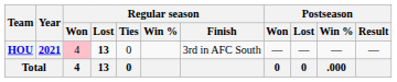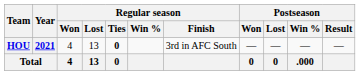 <table class="wikitable" style="font-size: 95%; text-align:center;">
 <tr>
 <th rowspan="2">Team</th>
 <th rowspan="2">Year</th>
 <th colspan="5">Regular season</th>
 <th colspan="4">Postseason</th>
 </tr>
 <tr>
 <th>Won</th>
 <th>Lost</th>
 <th>Ties</th>
 <th>Win %</th>
 <th>Finish</th>
 <th>Won</th>
 <th>Lost</th>
 <th>Win %</th>
 <th>Result</th>
 </tr>
 <tr>
 <th><a href='#'>HOU</a></th>
 <th><a href='#'>2021</a></th>
-<td style="background: pink;">4</td>
-<td><strong>13</strong></td>
-<td>0</td>
+<td>4</td>
+<td>13</td>
+<td><strong>0</strong></td>
 <td></td>
 <td>3rd in AFC South</td>
 <td>—</td>
 <td>—</td>
 <td>—</td>
 <td>—</td>
 </tr>
 <tr>
 <th colspan="2">Total</th>
 <th>4</th>
 <th>13</th>
 <th>0</th>
 <th></th>
 <th></th>
 <th>0</th>
 <th>0</th>
 <th>.000</th>
 <th></th>
 </tr>
 </table>
